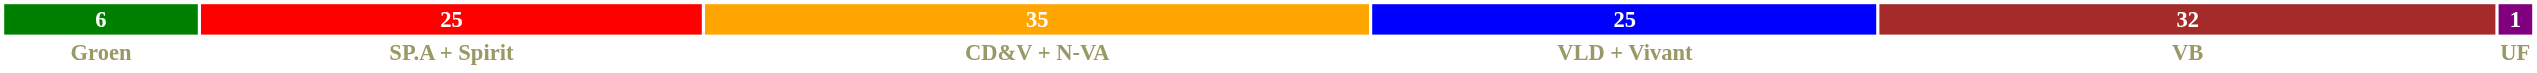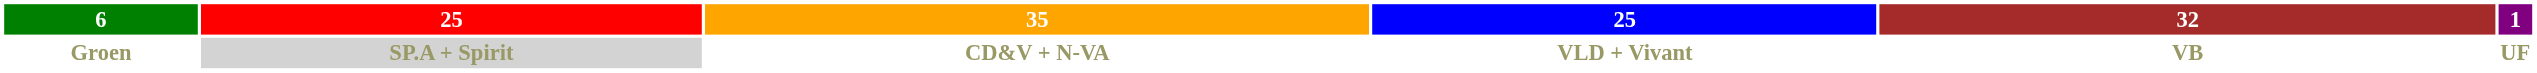 <table style="width:100%; font-size:88%; text-align:center;">
 <tr style="font-weight:bold">
 <td style="background:green; width:7.60%; color:white">6</td>
 <td style="background:red; width:19.66%; color:white">25</td>
 <td style="background:orange; width:26.09%; color:white">35</td>
 <td style="background:blue; width:19.79%; color:white">25</td>
 <td style="background:brown; width:24.15%; color:white">32</td>
 <td style="background:purple; width:1.07%; color:white">1</td>
 </tr>
 <tr style="font-weight:bold; color:#996;">
 <td>Groen</td>
-<td>SP.A + Spirit</td>
+<td style="background: lightgrey;">SP.A + Spirit</td>
 <td>CD&V + N-VA</td>
 <td>VLD + Vivant</td>
 <td>VB</td>
 <td>UF</td>
 </tr>
 </table>
